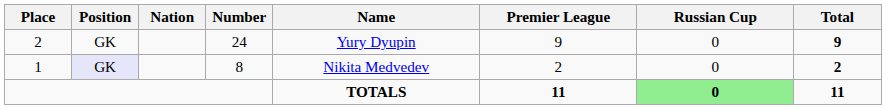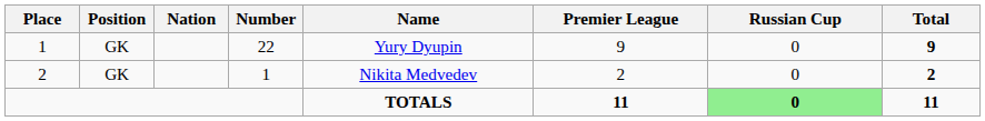 <table class="wikitable" style="font-size: 95%; text-align: center;">
 <tr>
 <th width=60>Place</th>
 <th width=60>Position</th>
 <th width=60>Nation</th>
 <th width=60>Number</th>
 <th width=200>Name</th>
 <th width=150>Premier League</th>
 <th width=150>Russian Cup</th>
 <th width=80><strong>Total</strong></th>
 </tr>
 <tr>
-<td>2</td>
+<td>1</td>
 <td>GK</td>
 <td></td>
-<td>24</td>
+<td>22</td>
 <td><a href='#'>Yury Dyupin</a></td>
 <td>9</td>
 <td>0</td>
 <td><strong>9</strong></td>
 </tr>
 <tr>
+<td>2</td>
+<td>GK</td>
+<td></td>
 <td>1</td>
-<td style="background: lavender;">GK</td>
-<td></td>
-<td>8</td>
 <td><a href='#'>Nikita Medvedev</a></td>
 <td>2</td>
 <td>0</td>
 <td><strong>2</strong></td>
 </tr>
 <tr>
 <td colspan="4"></td>
 <td><strong>TOTALS</strong></td>
 <td><strong>11</strong></td>
 <td style="background: lightgreen;"><strong>0</strong></td>
 <td><strong>11</strong></td>
 </tr>
 </table>
